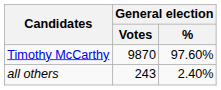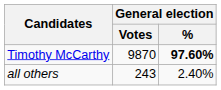 <table class=wikitable>
 <tr>
 <th colspan=1 rowspan=2><strong>Candidates</strong></th>
 <th colspan=2><strong>General election</strong></th>
 </tr>
 <tr>
 <th>Votes</th>
 <th>%</th>
 </tr>
 <tr>
 <td><a href='#'>Timothy McCarthy</a></td>
 <td align="right">9870</td>
-<td align="right">97.60%</td>
+<td align="right"><strong>97.60%</strong></td>
 </tr>
 <tr>
 <td><em>all others</em></td>
 <td align="right">243</td>
 <td align="right">2.40%</td>
 </tr>
 </table>
